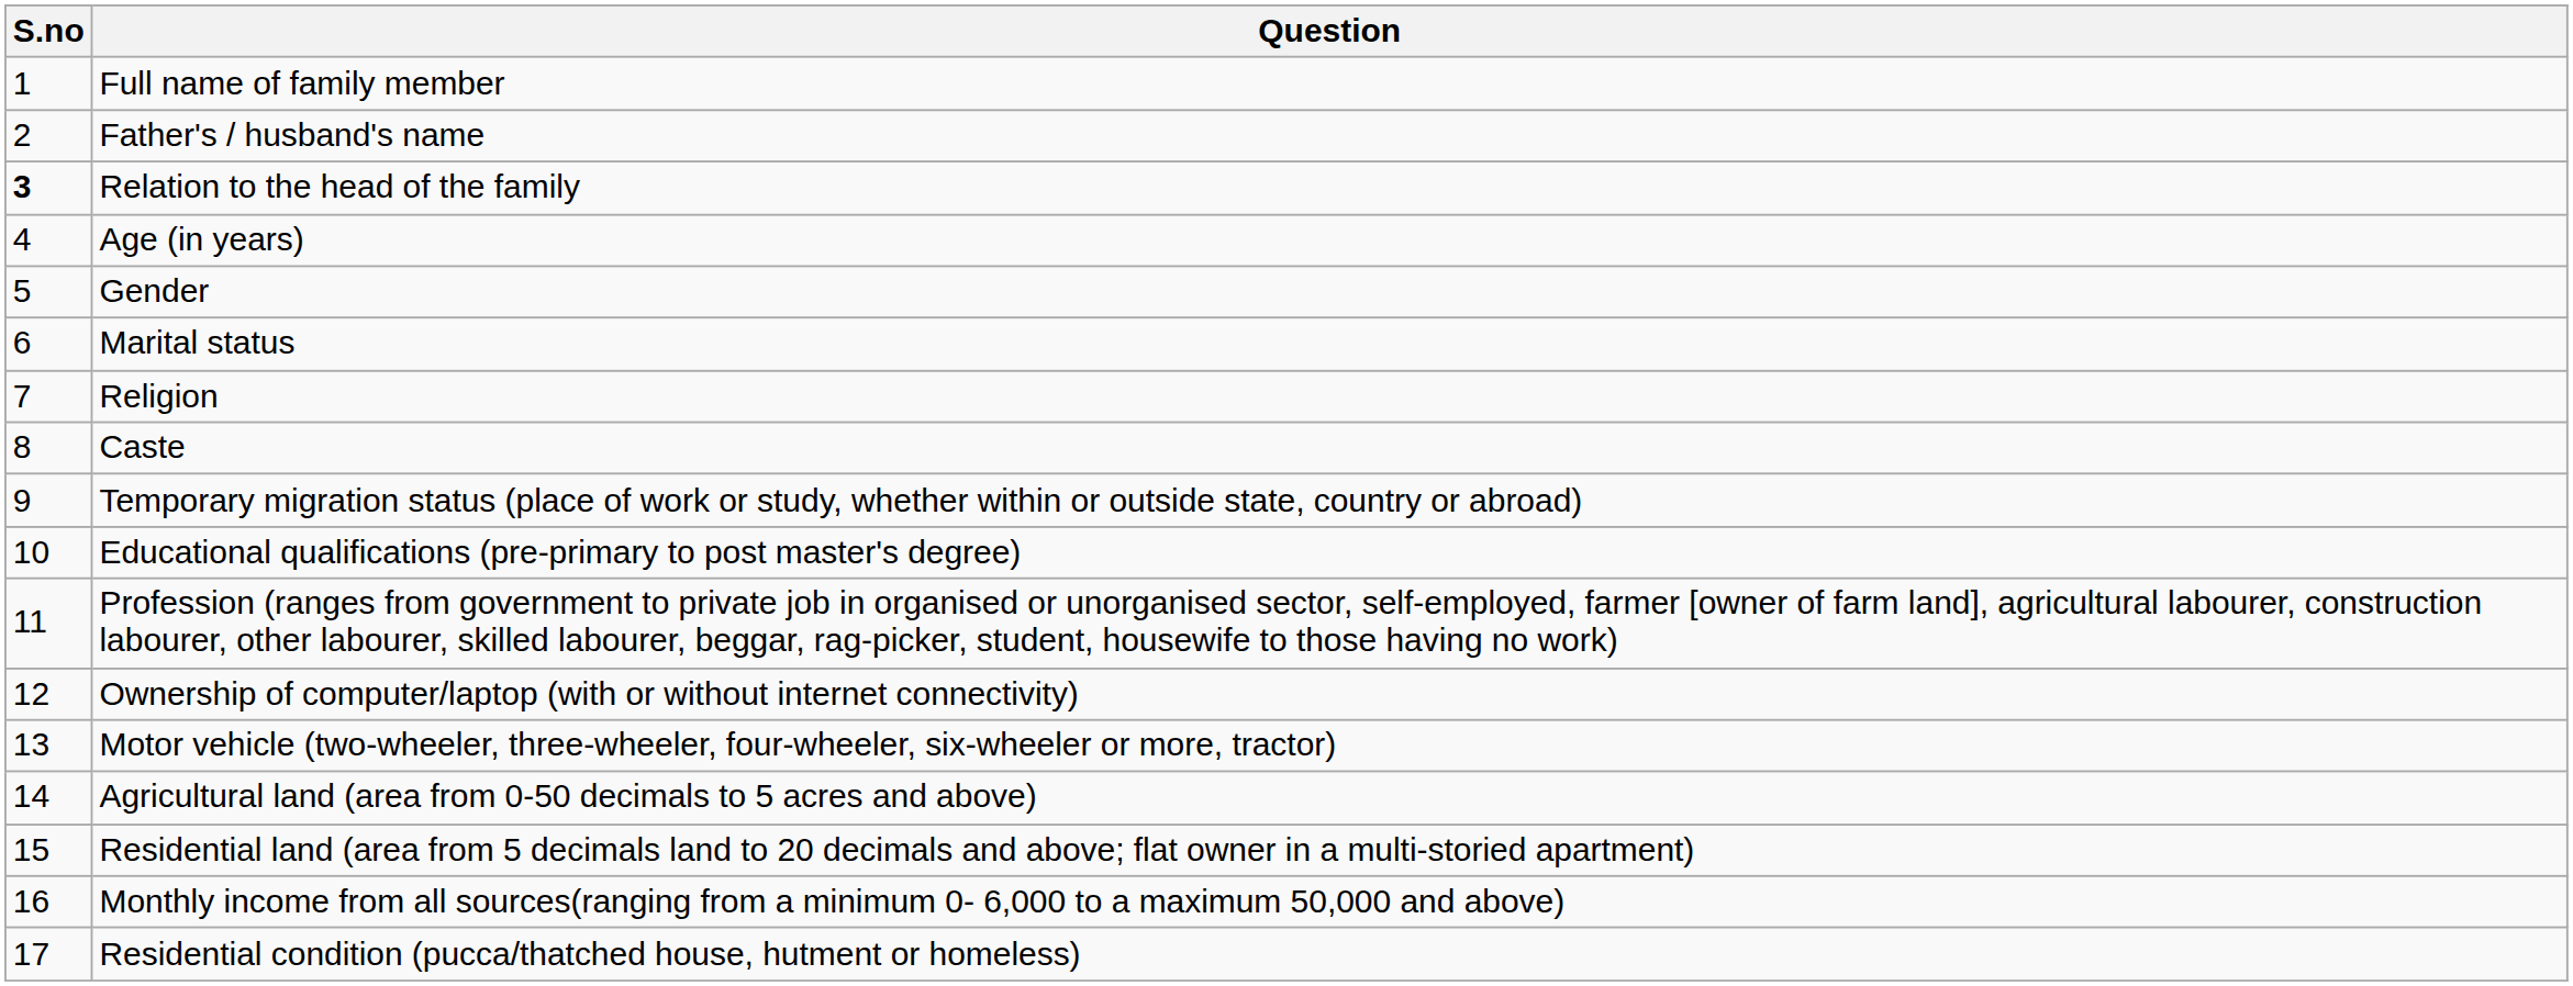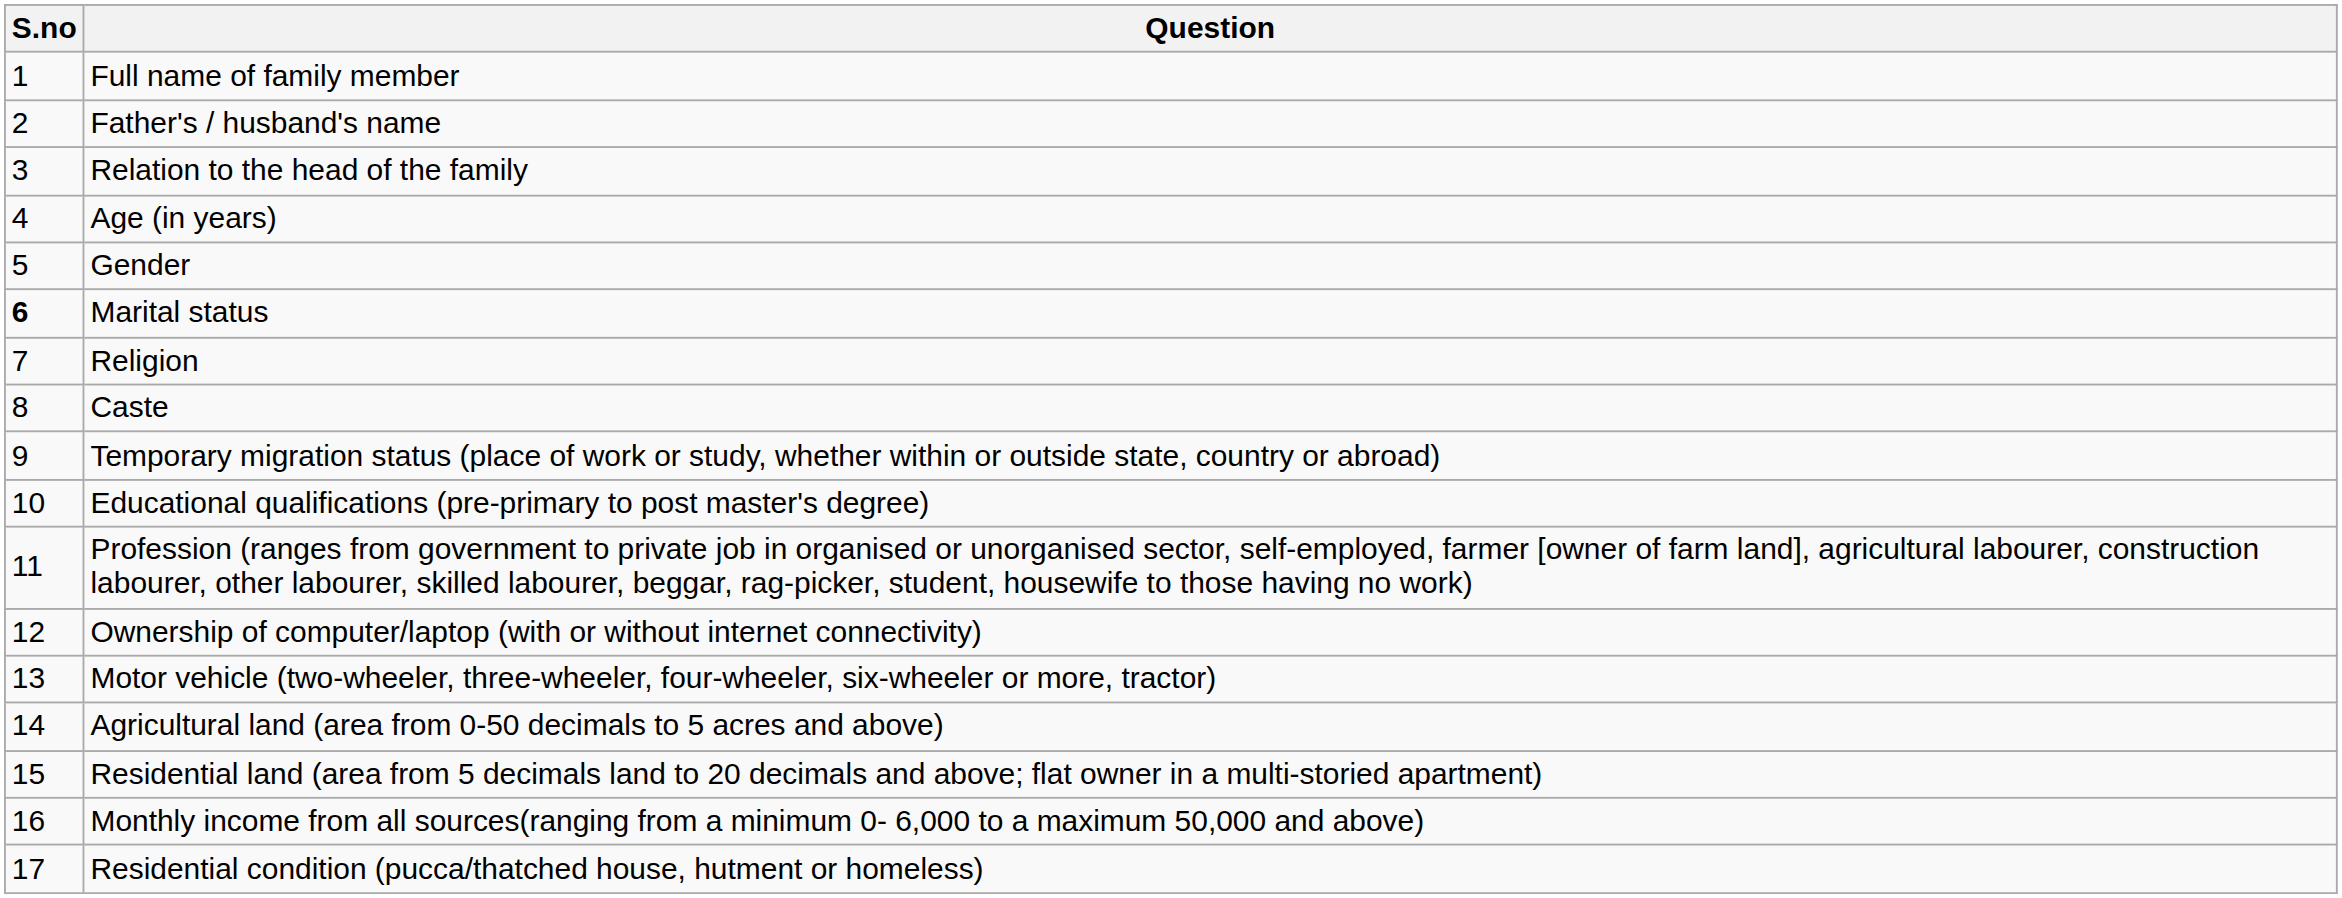 <table class="wikitable mw-collapsible mw-collapsed">
 <tr>
 <th>S.no</th>
 <th>Question</th>
 </tr>
 <tr>
 <td>1</td>
 <td>Full name of family member</td>
 </tr>
 <tr>
 <td>2</td>
 <td>Father's / husband's name</td>
 </tr>
 <tr>
-<td><strong>3</strong></td>
+<td>3</td>
 <td>Relation to the head of the family</td>
 </tr>
 <tr>
 <td>4</td>
 <td>Age (in years)</td>
 </tr>
 <tr>
 <td>5</td>
 <td>Gender</td>
 </tr>
 <tr>
-<td>6</td>
+<td><strong>6</strong></td>
 <td>Marital status</td>
 </tr>
 <tr>
 <td>7</td>
 <td>Religion</td>
 </tr>
 <tr>
 <td>8</td>
 <td>Caste</td>
 </tr>
 <tr>
 <td>9</td>
 <td>Temporary migration status (place of work or study, whether within or outside state, country or abroad)</td>
 </tr>
 <tr>
 <td>10</td>
 <td>Educational qualifications (pre-primary to post master's degree)</td>
 </tr>
 <tr>
 <td>11</td>
 <td>Profession (ranges from government to private job in organised or unorganised sector, self-employed, farmer [owner of farm land], agricultural labourer, construction labourer, other labourer, skilled labourer, beggar, rag-picker, student, housewife to those having no work)</td>
 </tr>
 <tr>
 <td>12</td>
 <td>Ownership of computer/laptop (with or without internet connectivity)</td>
 </tr>
 <tr>
 <td>13</td>
 <td>Motor vehicle (two-wheeler, three-wheeler, four-wheeler, six-wheeler or more, tractor)</td>
 </tr>
 <tr>
 <td>14</td>
 <td>Agricultural land (area from 0-50 decimals to 5 acres and above)</td>
 </tr>
 <tr>
 <td>15</td>
 <td>Residential land (area from 5 decimals land to 20 decimals and above;  flat owner in a multi-storied apartment)</td>
 </tr>
 <tr>
 <td>16</td>
 <td>Monthly income from all sources(ranging from a minimum 0-  6,000 to a maximum  50,000 and above)</td>
 </tr>
 <tr>
 <td>17</td>
 <td>Residential condition (pucca/thatched house, hutment or homeless)</td>
 </tr>
 </table>
